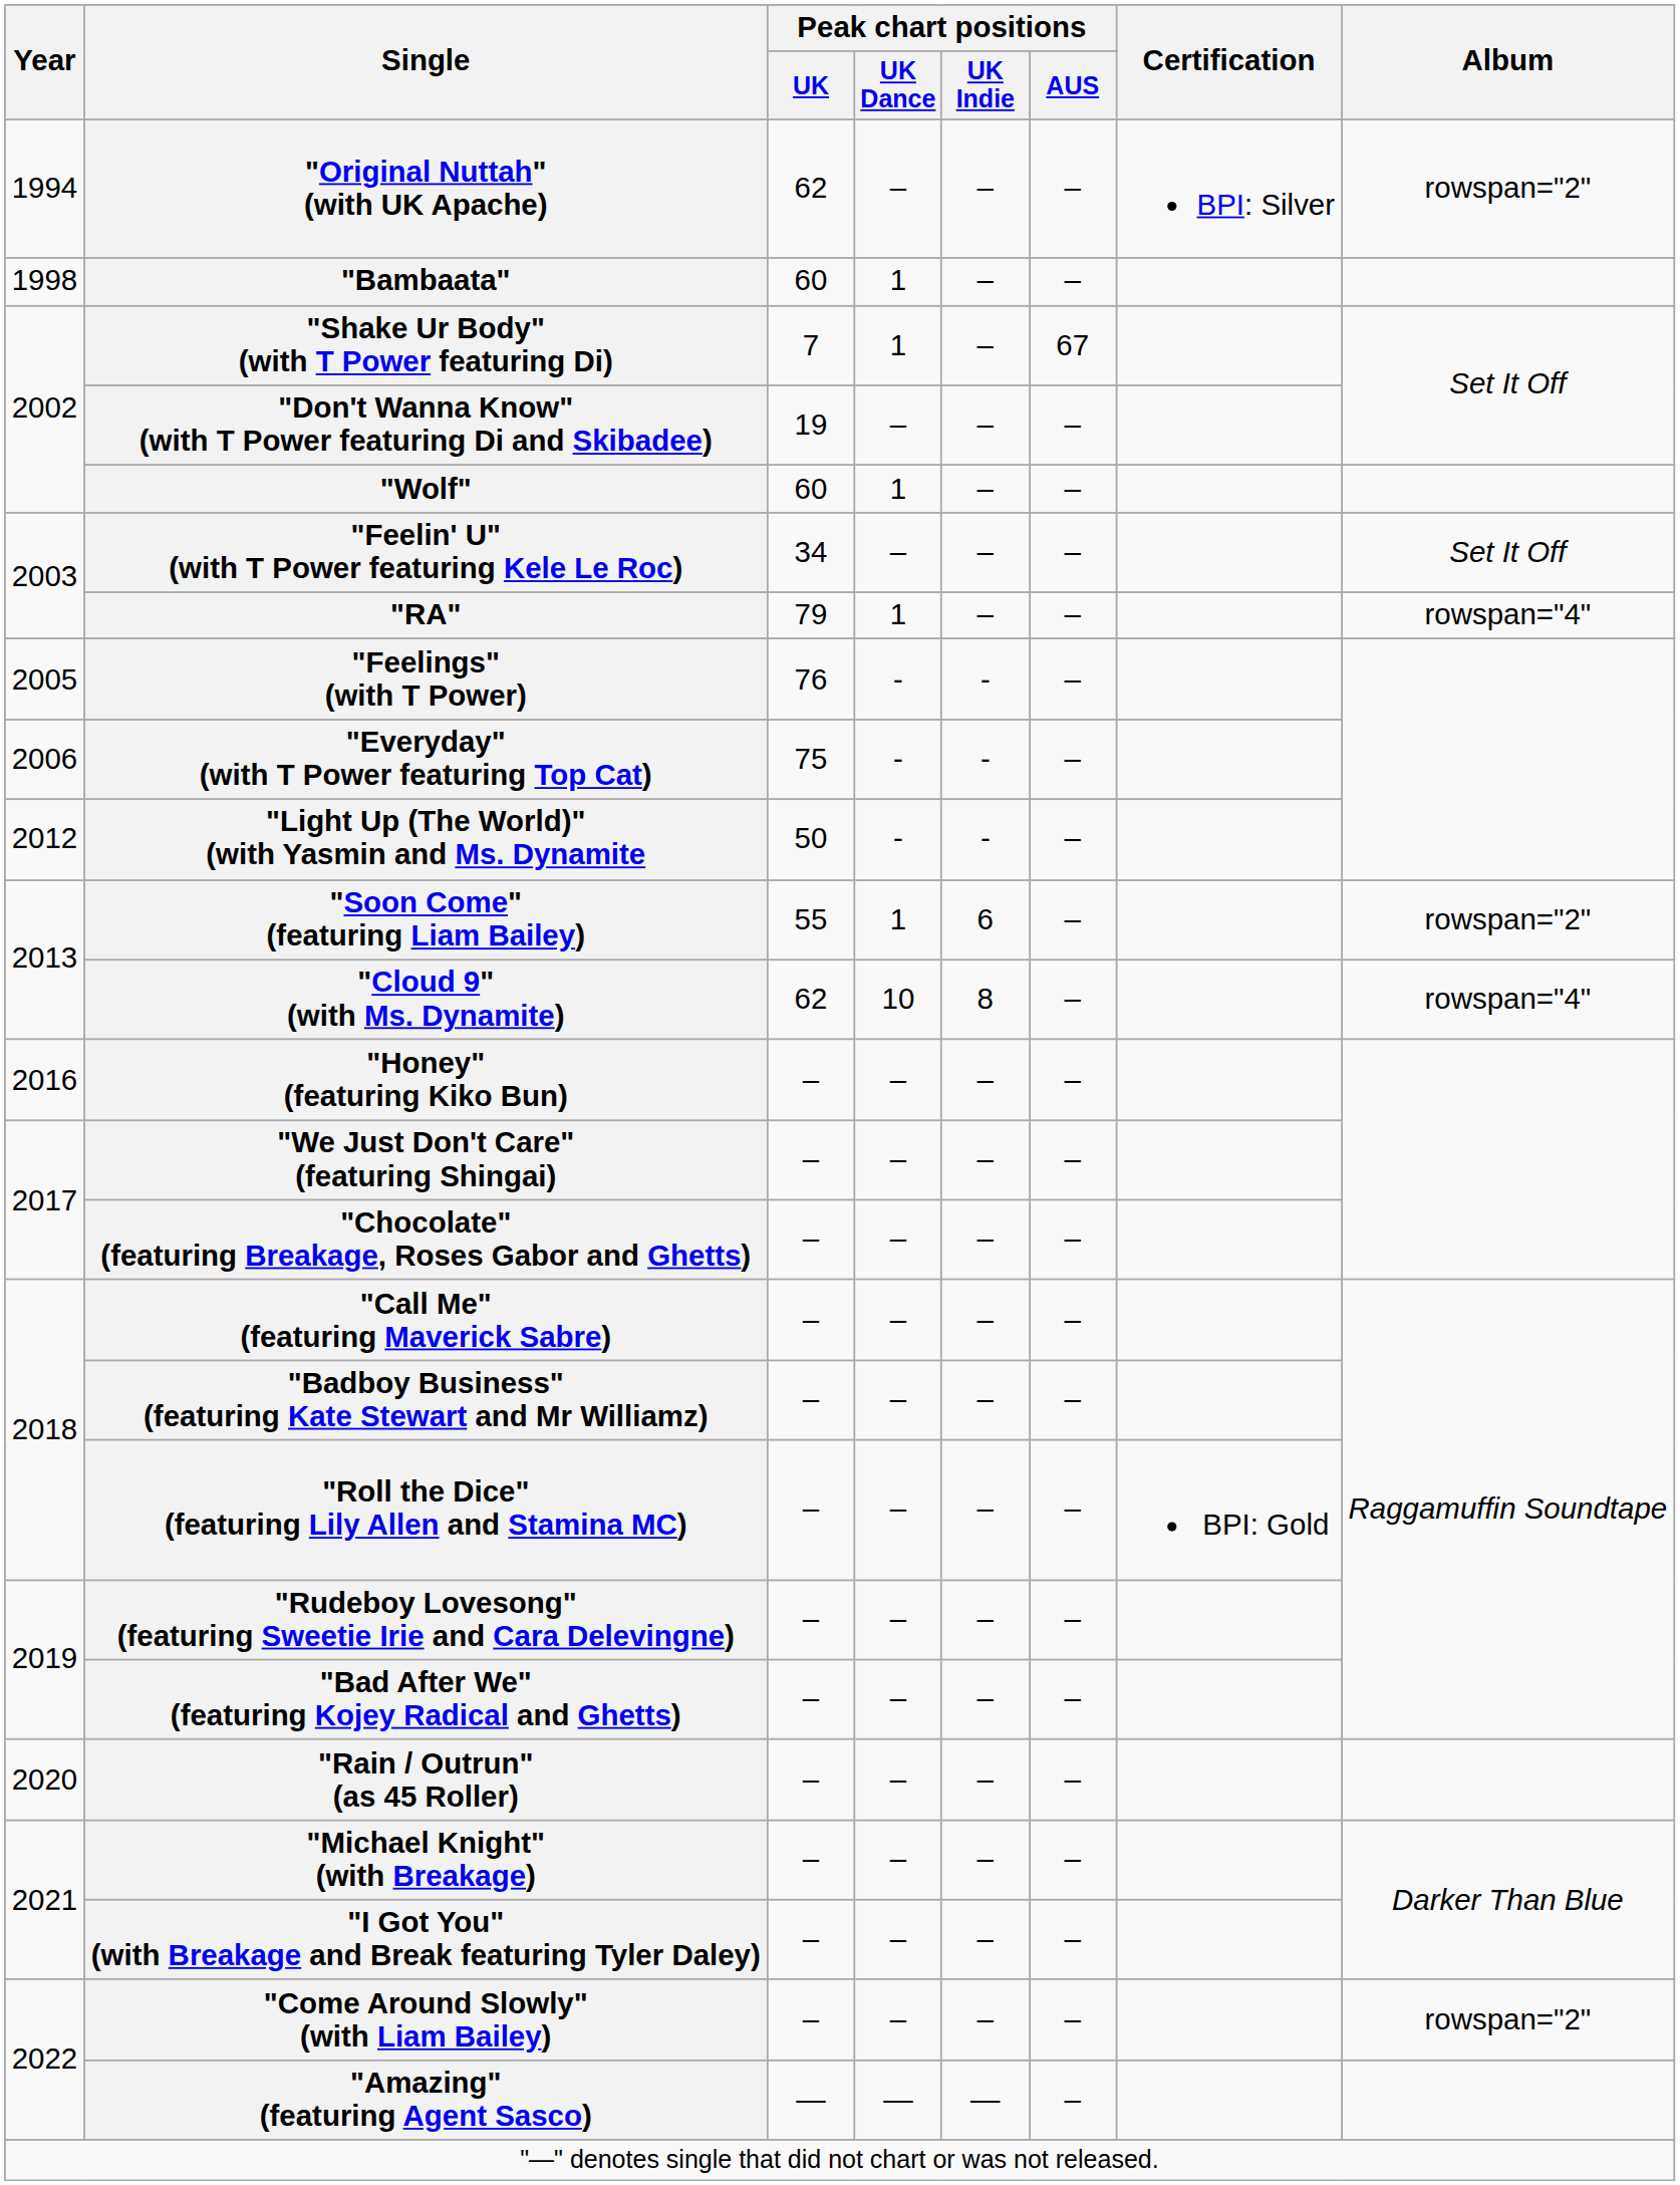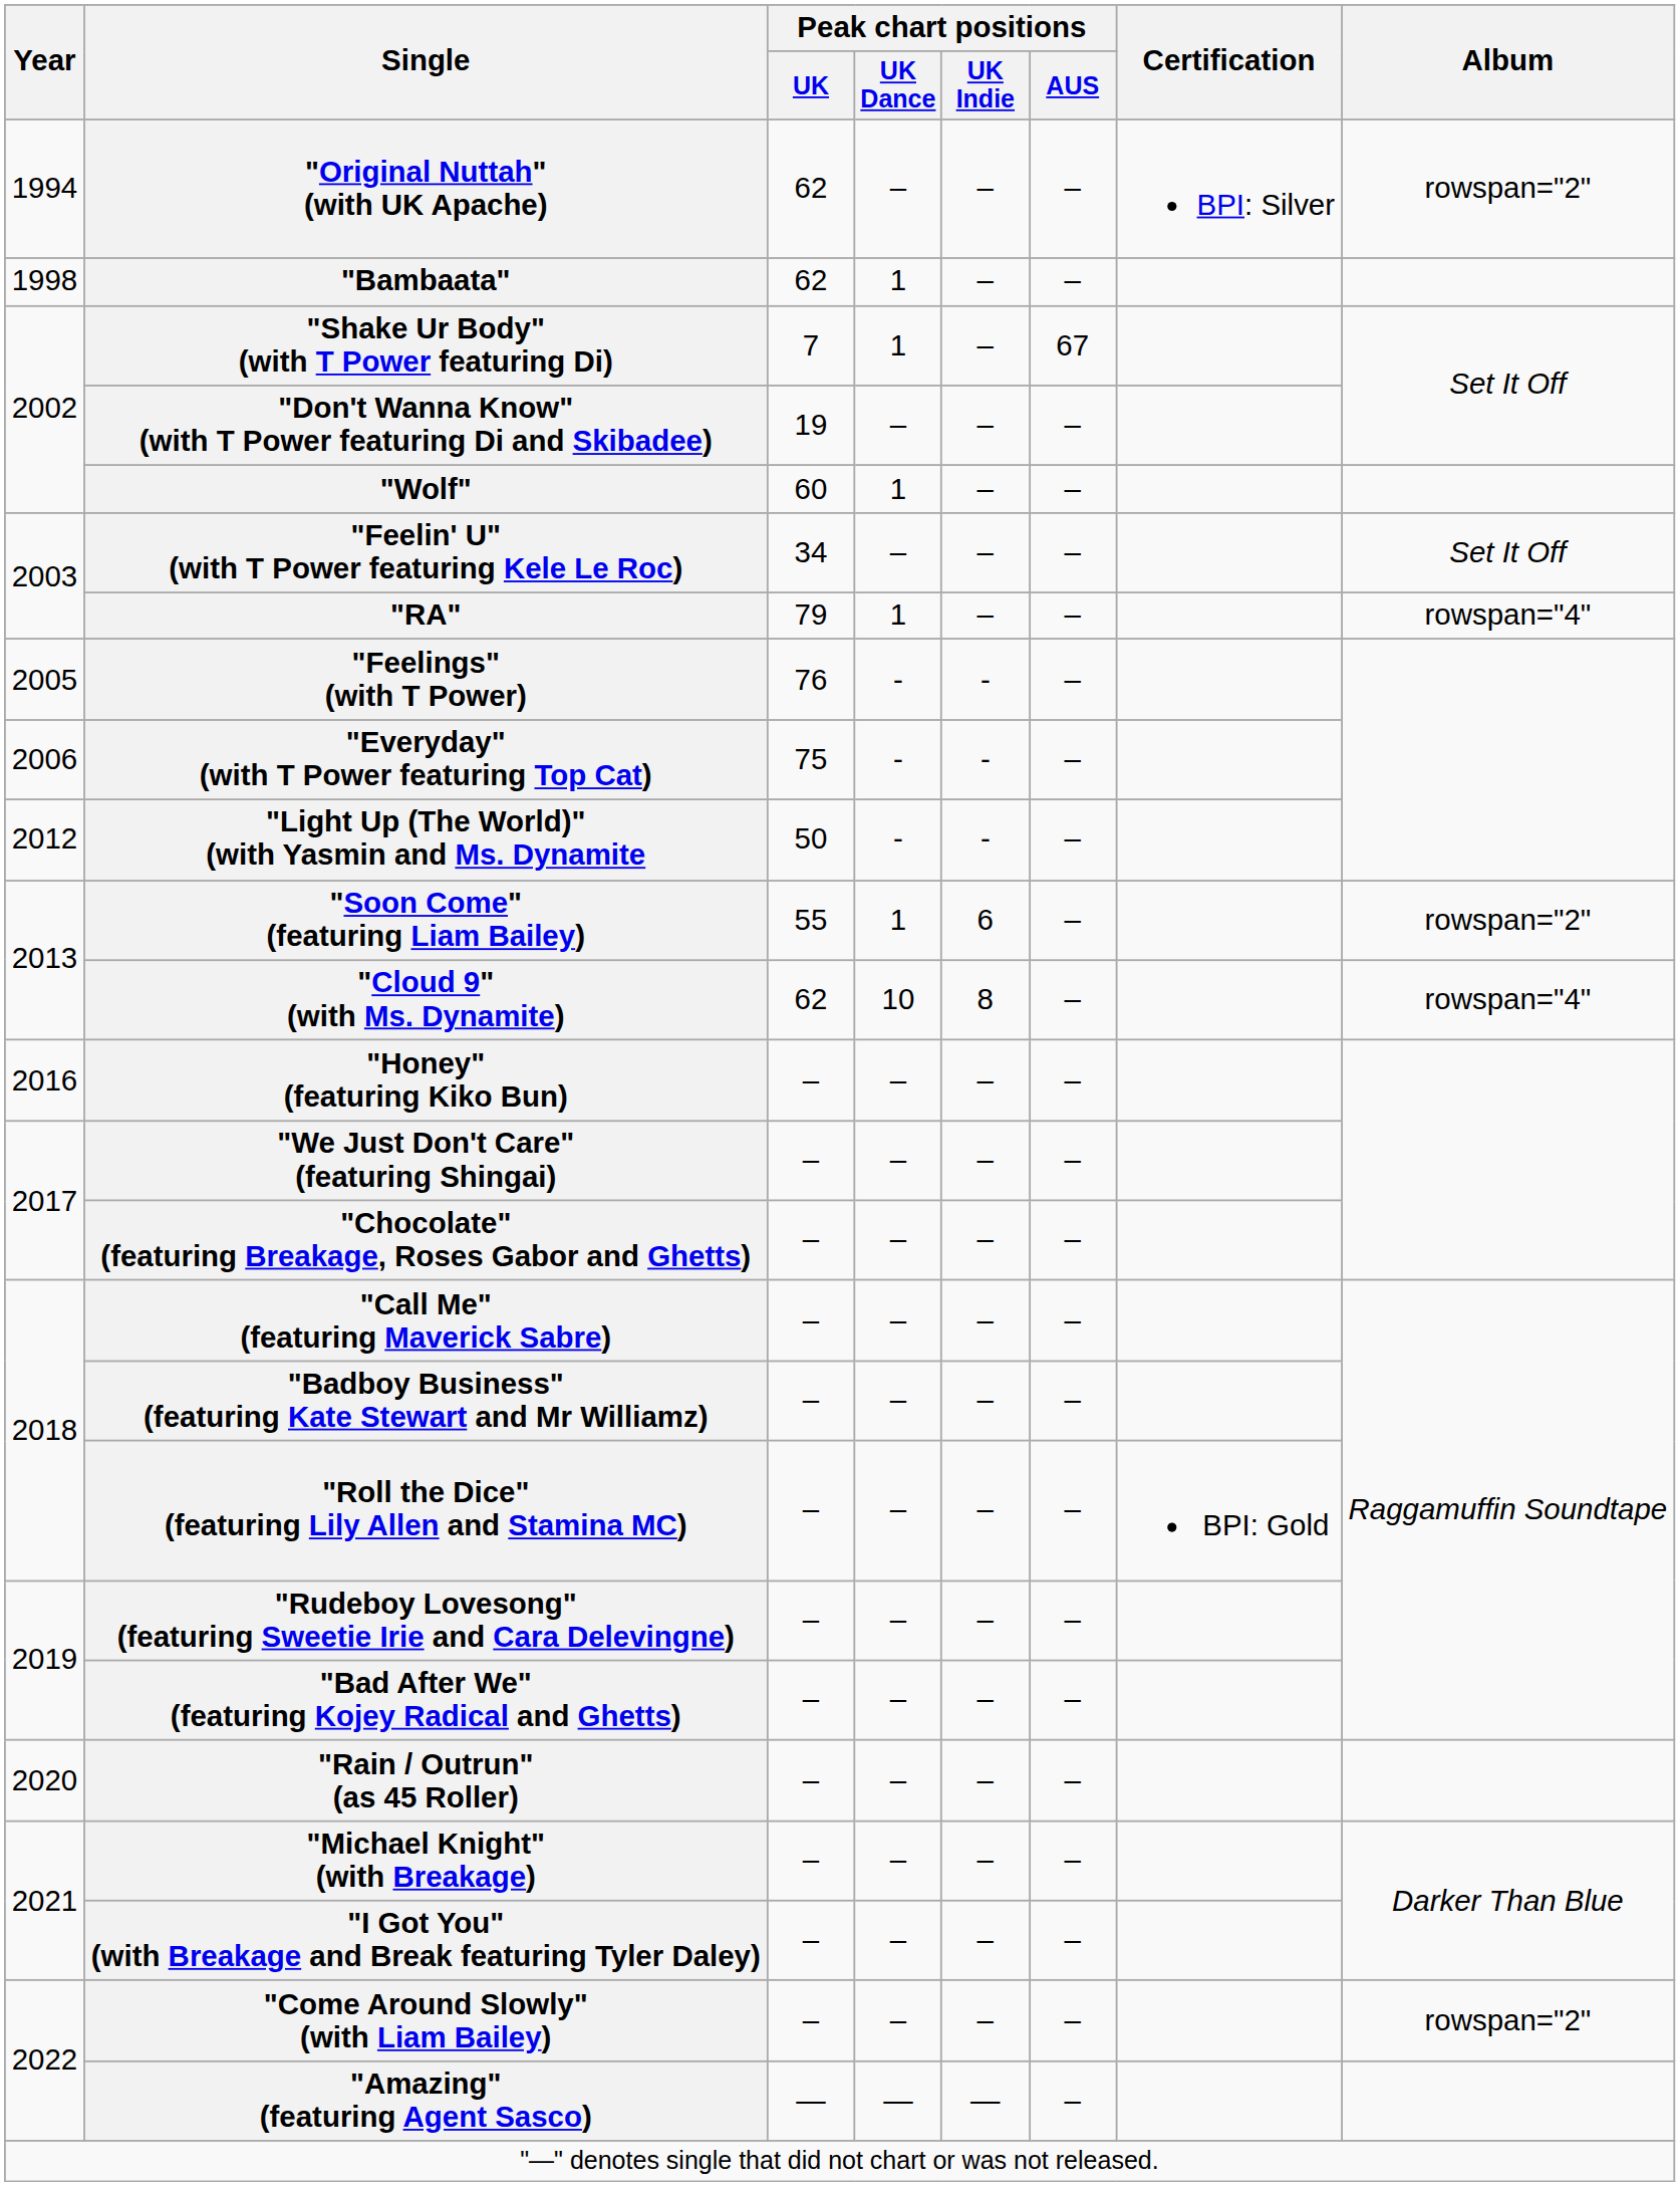 <table class="wikitable plainrowheaders" style="text-align:center;">
 <tr>
 <th scope="col" rowspan="2">Year</th>
 <th scope="col" rowspan="2">Single</th>
 <th scope="col" colspan="4">Peak chart positions</th>
 <th scope="col" rowspan="2">Certification</th>
 <th scope="col" rowspan="2">Album</th>
 </tr>
 <tr>
 <th scope="col" style="width:3em;font-size:85%;"><a href='#'>UK</a><br></th>
 <th scope="col" style="width:3em;font-size:85%;"><a href='#'>UK<br>Dance</a><br></th>
 <th scope="col" style="width:3em;font-size:85%;"><a href='#'>UK<br>Indie</a><br></th>
 <th scope="col" style="width:3em;font-size:85%;"><a href='#'>AUS</a><br></th>
 </tr>
 <tr>
 <td>1994</td>
 <th scope="row">"<a href='#'>Original Nuttah</a>"<br><span>(with UK Apache)</span></th>
 <td>62</td>
 <td>–</td>
 <td>–</td>
 <td>–</td>
 <td><br><ul><li><a href='#'>BPI</a>: Silver</li></ul></td>
 <td>rowspan="2" </td>
 </tr>
 <tr>
 <td>1998</td>
 <th scope="row">"Bambaata"</th>
-<td>60</td>
+<td>62</td>
 <td>1</td>
 <td>–</td>
 <td>–</td>
 <td></td>
 </tr>
 <tr>
 <td rowspan="3">2002</td>
 <th scope="row">"Shake Ur Body"<br><span>(with <a href='#'>T Power</a> featuring Di)</span></th>
 <td>7</td>
 <td>1</td>
 <td>–</td>
 <td>67</td>
 <td></td>
 <td rowspan="2"><em>Set It Off</em></td>
 </tr>
 <tr>
 <th scope="row">"Don't Wanna Know"<br><span>(with T Power featuring Di and <a href='#'>Skibadee</a>)</span></th>
 <td>19</td>
 <td>–</td>
 <td>–</td>
 <td>–</td>
 <td></td>
 </tr>
 <tr>
 <th scope="row">"Wolf"</th>
 <td>60</td>
 <td>1</td>
 <td>–</td>
 <td>–</td>
 <td></td>
 <td></td>
 </tr>
 <tr>
 <td rowspan="2">2003</td>
 <th scope="row">"Feelin' U"<br><span>(with T Power featuring <a href='#'>Kele Le Roc</a>)</span></th>
 <td>34</td>
 <td>–</td>
 <td>–</td>
 <td>–</td>
 <td></td>
 <td><em>Set It Off</em></td>
 </tr>
 <tr>
 <th scope="row">"RA"</th>
 <td>79</td>
 <td>1</td>
 <td>–</td>
 <td>–</td>
 <td></td>
 <td>rowspan="4" </td>
 </tr>
 <tr>
 <td>2005</td>
 <th scope="row">"Feelings"<br><span>(with T Power)</span></th>
 <td>76</td>
 <td>-</td>
 <td>-</td>
 <td>–</td>
 <td></td>
 </tr>
 <tr>
 <td>2006</td>
 <th scope="row">"Everyday"<br><span>(with T Power featuring <a href='#'>Top Cat</a>)</span></th>
 <td>75</td>
 <td>-</td>
 <td>-</td>
 <td>–</td>
 <td></td>
 </tr>
 <tr>
 <td>2012</td>
 <th scope="row">"Light Up (The World)"<br><span>(with Yasmin and <a href='#'>Ms. Dynamite</a></span></th>
 <td>50</td>
 <td>-</td>
 <td>-</td>
 <td>–</td>
 <td></td>
 </tr>
 <tr>
 <td rowspan="2">2013</td>
 <th scope="row">"<a href='#'>Soon Come</a>"<br><span>(featuring <a href='#'>Liam Bailey</a>)</span></th>
 <td>55</td>
 <td>1</td>
 <td>6</td>
 <td>–</td>
 <td></td>
 <td>rowspan="2" </td>
 </tr>
 <tr>
 <th scope="row">"<a href='#'>Cloud 9</a>"<br><span>(with <a href='#'>Ms. Dynamite</a>)</span></th>
 <td>62</td>
 <td>10</td>
 <td>8</td>
 <td>–</td>
 <td></td>
 <td>rowspan="4" </td>
 </tr>
 <tr>
 <td>2016</td>
 <th scope="row">"Honey"<br><span>(featuring Kiko Bun)</span></th>
 <td>–</td>
 <td>–</td>
 <td>–</td>
 <td>–</td>
 <td></td>
 </tr>
 <tr>
 <td rowspan="2">2017</td>
 <th scope="row">"We Just Don't Care"<br><span>(featuring Shingai)</span></th>
 <td>–</td>
 <td>–</td>
 <td>–</td>
 <td>–</td>
 <td></td>
 </tr>
 <tr>
 <th scope="row">"Chocolate"<br><span>(featuring <a href='#'>Breakage</a>, Roses Gabor and <a href='#'>Ghetts</a>)</span></th>
 <td>–</td>
 <td>–</td>
 <td>–</td>
 <td>–</td>
 <td></td>
 </tr>
 <tr>
 <td rowspan="3">2018</td>
 <th scope="row">"Call Me"<br><span>(featuring <a href='#'>Maverick Sabre</a>)</span></th>
 <td>–</td>
 <td>–</td>
 <td>–</td>
 <td>–</td>
 <td></td>
 <td rowspan="5"><em>Raggamuffin Soundtape</em></td>
 </tr>
 <tr>
 <th scope="row">"Badboy Business"<br><span>(featuring <a href='#'>Kate Stewart</a> and Mr Williamz)</span></th>
 <td>–</td>
 <td>–</td>
 <td>–</td>
 <td>–</td>
 <td></td>
 </tr>
 <tr>
 <th scope="row">"Roll the Dice"<br><span>(featuring <a href='#'>Lily Allen</a> and <a href='#'>Stamina MC</a>)</span></th>
 <td>–</td>
 <td>–</td>
 <td>–</td>
 <td>–</td>
 <td><br><ul><li>BPI: Gold</li></ul></td>
 </tr>
 <tr>
 <td rowspan="2">2019</td>
 <th scope="row">"Rudeboy Lovesong"<br><span>(featuring <a href='#'>Sweetie Irie</a> and <a href='#'>Cara Delevingne</a>)</span></th>
 <td>–</td>
 <td>–</td>
 <td>–</td>
 <td>–</td>
 <td></td>
 </tr>
 <tr>
 <th scope="row">"Bad After We"<br><span>(featuring <a href='#'>Kojey Radical</a> and <a href='#'>Ghetts</a>)</span></th>
 <td>–</td>
 <td>–</td>
 <td>–</td>
 <td>–</td>
 <td></td>
 </tr>
 <tr>
 <td>2020</td>
 <th scope="row">"Rain / Outrun"<br><span>(as 45 Roller)</span></th>
 <td>–</td>
 <td>–</td>
 <td>–</td>
 <td>–</td>
 <td></td>
 <td></td>
 </tr>
 <tr>
 <td rowspan="2">2021</td>
 <th scope="row">"Michael Knight"<br><span>(with <a href='#'>Breakage</a>)</span></th>
 <td>–</td>
 <td>–</td>
 <td>–</td>
 <td>–</td>
 <td></td>
 <td rowspan="2"><em>Darker Than Blue</em></td>
 </tr>
 <tr>
 <th scope="row">"I Got You"<br><span>(with <a href='#'>Breakage</a> and Break featuring Tyler Daley)</span></th>
 <td>–</td>
 <td>–</td>
 <td>–</td>
 <td>–</td>
 <td></td>
 </tr>
 <tr>
 <td rowspan="2">2022</td>
 <th scope="row">"Come Around Slowly"<br><span>(with <a href='#'>Liam Bailey</a>)</span></th>
 <td>–</td>
 <td>–</td>
 <td>–</td>
 <td>–</td>
 <td></td>
 <td>rowspan="2" </td>
 </tr>
 <tr>
 <th scope="row">"Amazing"<br><span>(featuring <a href='#'>Agent Sasco</a>)</span></th>
 <td>—</td>
 <td>—</td>
 <td>—</td>
 <td>–</td>
 <td></td>
 </tr>
 <tr>
 <td colspan="18" style="font-size:85%">"—" denotes single that did not chart or was not released.</td>
 </tr>
 </table>
